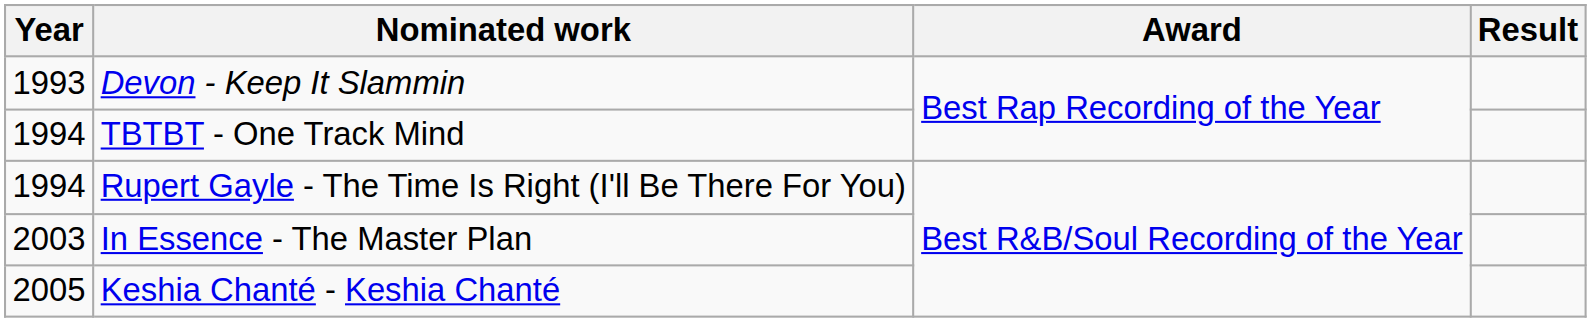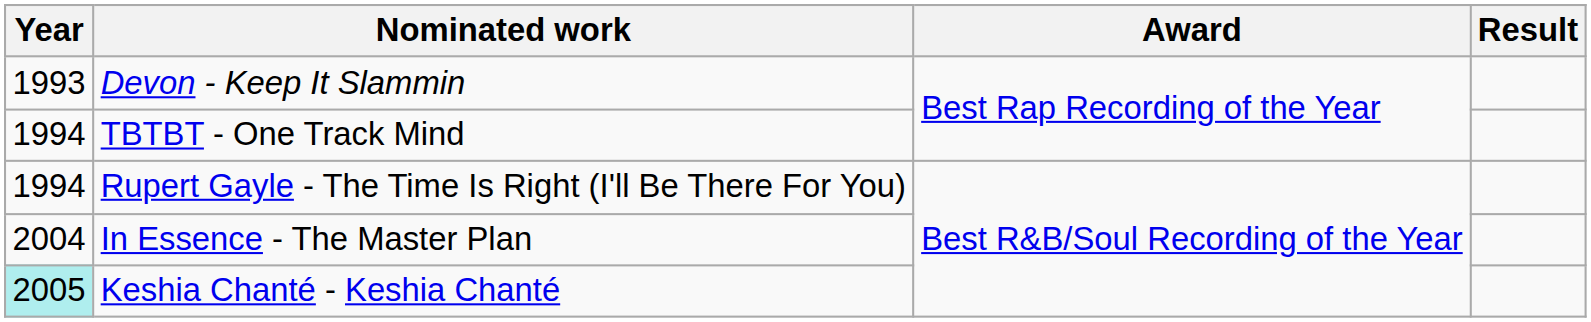 <table class="wikitable">
 <tr>
 <th>Year</th>
 <th>Nominated work</th>
 <th>Award</th>
 <th>Result</th>
 </tr>
 <tr>
 <td>1993</td>
 <td><em><a href='#'>Devon</a> - Keep It Slammin<strong></td>
 <td rowspan="2"><a href='#'>Best Rap Recording of the Year</a></td>
 <td></td>
 </tr>
 <tr>
 <td>1994</td>
 <td></em><a href='#'>TBTBT</a> - One Track Mind<em></td>
 <td></td>
 </tr>
 <tr>
 <td>1994</td>
 <td></em><a href='#'>Rupert Gayle</a> - The Time Is Right (I'll Be There For You)<em></td>
 <td rowspan="3"><a href='#'>Best R&B/Soul Recording of the Year</a></td>
 <td></td>
 </tr>
 <tr>
-<td>2003</td>
+<td>2004</td>
 <td></em><a href='#'>In Essence</a> - The Master Plan<em></td>
 <td></td>
 </tr>
 <tr>
-<td>2005</td>
+<td style="background: paleturquoise;">2005</td>
 <td></em><a href='#'>Keshia Chanté</a> - <a href='#'>Keshia Chanté</a><em></td>
 <td></td>
 </tr>
 </table>
